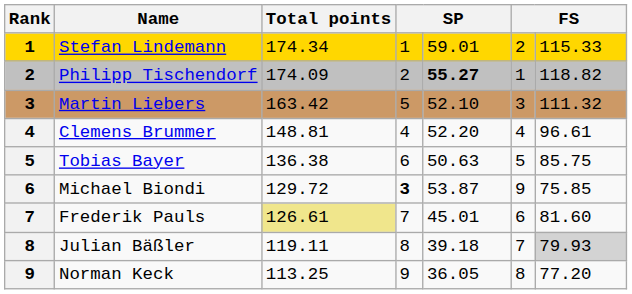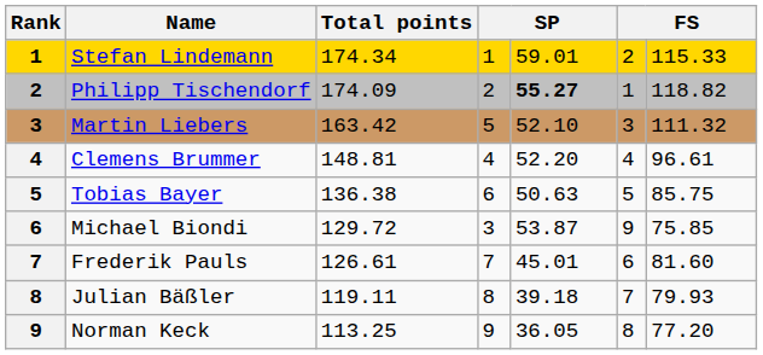 <table class="wikitable">
 <tr>
 <th>Rank</th>
 <th>Name</th>
 <th>Total points</th>
 <th colspan="2" width="80px">SP</th>
 <th colspan="2" width="80px">FS</th>
 </tr>
 <tr bgcolor="gold">
 <td align="center"><strong>1</strong></td>
 <td><a href='#'>Stefan Lindemann</a></td>
 <td>174.34</td>
 <td>1</td>
 <td>59.01</td>
 <td>2</td>
 <td>115.33</td>
 </tr>
 <tr bgcolor="silver">
 <td align="center"><strong>2</strong></td>
 <td><a href='#'>Philipp Tischendorf</a></td>
 <td>174.09</td>
 <td>2</td>
 <td><strong>55.27</strong></td>
 <td>1</td>
 <td>118.82</td>
 </tr>
 <tr bgcolor="cc9966">
 <td align="center"><strong>3</strong></td>
 <td><a href='#'>Martin Liebers</a></td>
 <td>163.42</td>
 <td>5</td>
 <td>52.10</td>
 <td>3</td>
 <td>111.32</td>
 </tr>
 <tr>
 <th>4</th>
 <td><a href='#'>Clemens Brummer</a></td>
 <td>148.81</td>
 <td>4</td>
 <td>52.20</td>
 <td>4</td>
 <td>96.61</td>
 </tr>
 <tr>
 <th>5</th>
 <td><a href='#'>Tobias Bayer</a></td>
 <td>136.38</td>
 <td>6</td>
 <td>50.63</td>
 <td>5</td>
 <td>85.75</td>
 </tr>
 <tr>
 <th>6</th>
 <td>Michael Biondi</td>
 <td>129.72</td>
-<td><strong>3</strong></td>
+<td>3</td>
 <td>53.87</td>
 <td>9</td>
 <td>75.85</td>
 </tr>
 <tr>
 <th>7</th>
 <td>Frederik Pauls</td>
-<td style="background: khaki;">126.61</td>
+<td>126.61</td>
 <td>7</td>
 <td>45.01</td>
 <td>6</td>
 <td>81.60</td>
 </tr>
 <tr>
 <th>8</th>
 <td>Julian Bäßler</td>
 <td>119.11</td>
 <td>8</td>
 <td>39.18</td>
 <td>7</td>
-<td style="background: lightgrey;">79.93</td>
+<td>79.93</td>
 </tr>
 <tr>
 <th>9</th>
 <td>Norman Keck</td>
 <td>113.25</td>
 <td>9</td>
 <td>36.05</td>
 <td>8</td>
 <td>77.20</td>
 </tr>
 </table>
